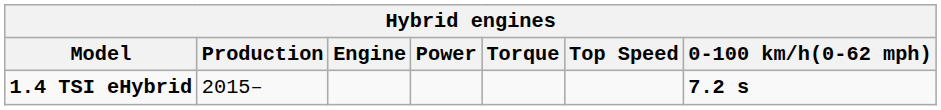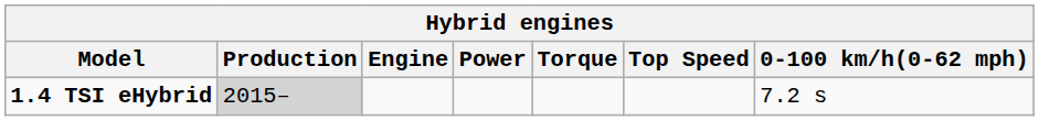 <table class="wikitable sortable collapsible">
 <tr>
 <th colspan="7" style="text-align:center">Hybrid engines</th>
 </tr>
 <tr>
 <th>Model</th>
 <th>Production</th>
 <th>Engine</th>
 <th>Power</th>
 <th>Torque</th>
 <th>Top Speed</th>
 <th>0-100 km/h(0-62 mph)</th>
 </tr>
 <tr>
 <td><strong>1.4 TSI eHybrid</strong></td>
-<td>2015–</td>
+<td style="background: lightgrey;">2015–</td>
 <td></td>
 <td></td>
 <td></td>
 <td></td>
-<td><strong>7.2 s</strong></td>
+<td>7.2 s</td>
 </tr>
 </table>
